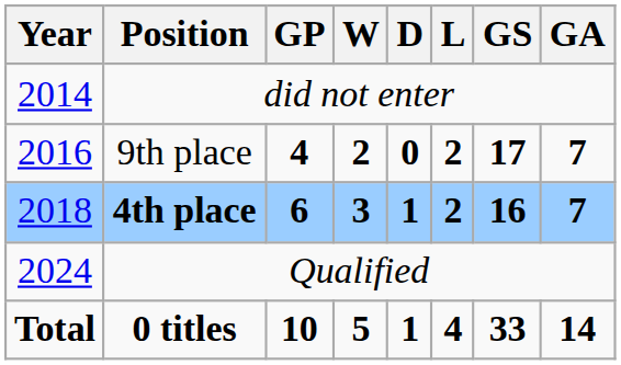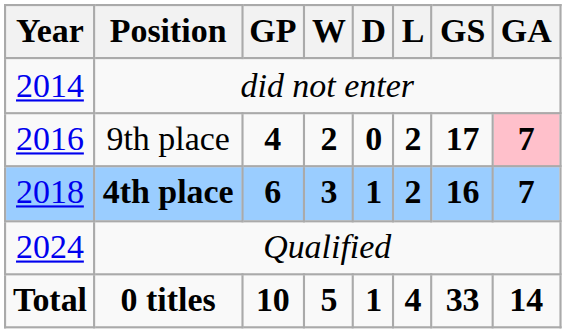 <table class="wikitable" style="text-align: center;">
 <tr>
 <th>Year</th>
 <th>Position</th>
 <th>GP</th>
 <th>W</th>
 <th>D</th>
 <th>L</th>
 <th>GS</th>
 <th>GA</th>
 </tr>
 <tr>
 <td> <a href='#'>2014</a></td>
 <td colspan=7><em>did not enter</em></td>
 </tr>
 <tr>
 <td> <a href='#'>2016</a></td>
 <td>9th place</td>
 <td><strong>4</strong></td>
 <td><strong>2</strong></td>
 <td><strong>0</strong></td>
 <td><strong>2</strong></td>
 <td><strong>17</strong></td>
-<td><strong>7</strong></td>
+<td style="background: pink;"><strong>7</strong></td>
 </tr>
 <tr bgcolor="#9acdff">
 <td> <a href='#'>2018</a></td>
 <td><strong>4th place</strong></td>
 <td><strong>6</strong></td>
 <td><strong>3</strong></td>
 <td><strong>1</strong></td>
 <td><strong>2</strong></td>
 <td><strong>16</strong></td>
 <td><strong>7</strong></td>
 </tr>
 <tr>
 <td> <a href='#'>2024</a></td>
 <td colspan=7><em>Qualified</em></td>
 </tr>
 <tr>
 <td><strong>Total</strong></td>
 <td><strong>0 titles</strong></td>
 <td><strong>10</strong></td>
 <td><strong>5</strong></td>
 <td><strong>1</strong></td>
 <td><strong>4</strong></td>
 <td><strong>33</strong></td>
 <td><strong>14</strong></td>
 </tr>
 </table>
